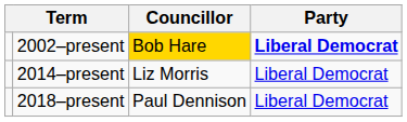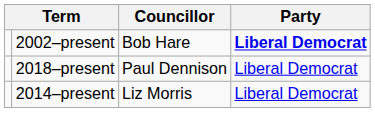 <table class="wikitable">
 <tr>
 <th colspan=2>Term</th>
 <th>Councillor</th>
 <th>Party</th>
 </tr>
 <tr>
 <td style="background-color: "></td>
 <td>2002–present</td>
-<td style="background: gold;">Bob Hare</td>
+<td>Bob Hare</td>
 <td><strong><a href='#'>Liberal Democrat</a></strong></td>
+</tr>
+<tr>
+<td style="background-color: "></td>
+<td>2018–present</td>
+<td>Paul Dennison</td>
+<td><a href='#'>Liberal Democrat</a></td>
 </tr>
 <tr>
 <td style="background-color: "></td>
 <td>2014–present</td>
 <td>Liz Morris</td>
 <td><a href='#'>Liberal Democrat</a></td>
 </tr>
-<tr>
-<td style="background-color: "></td>
-<td>2018–present</td>
-<td>Paul Dennison</td>
-<td><a href='#'>Liberal Democrat</a></td>
-</tr>
 </table>
